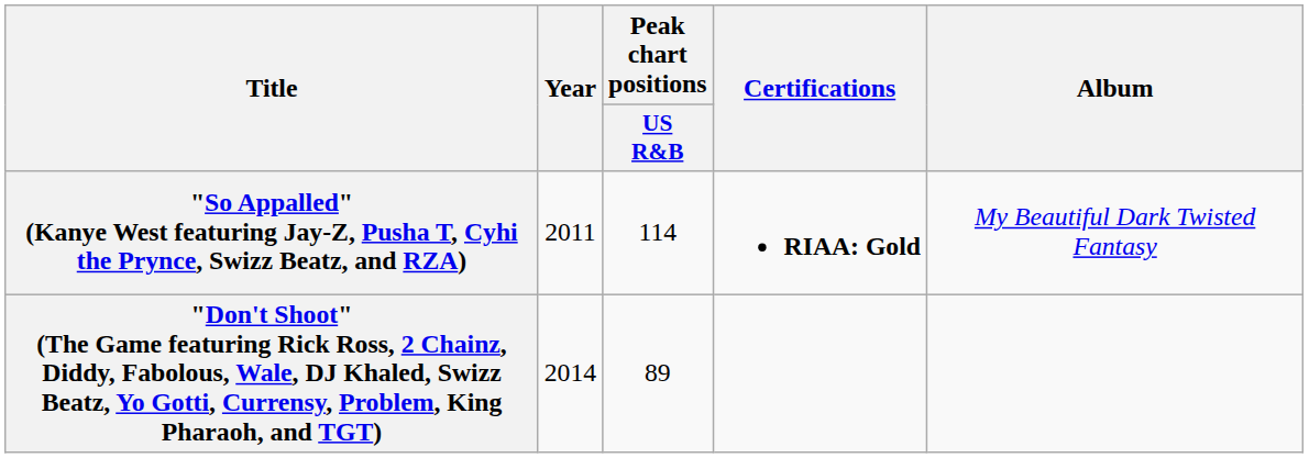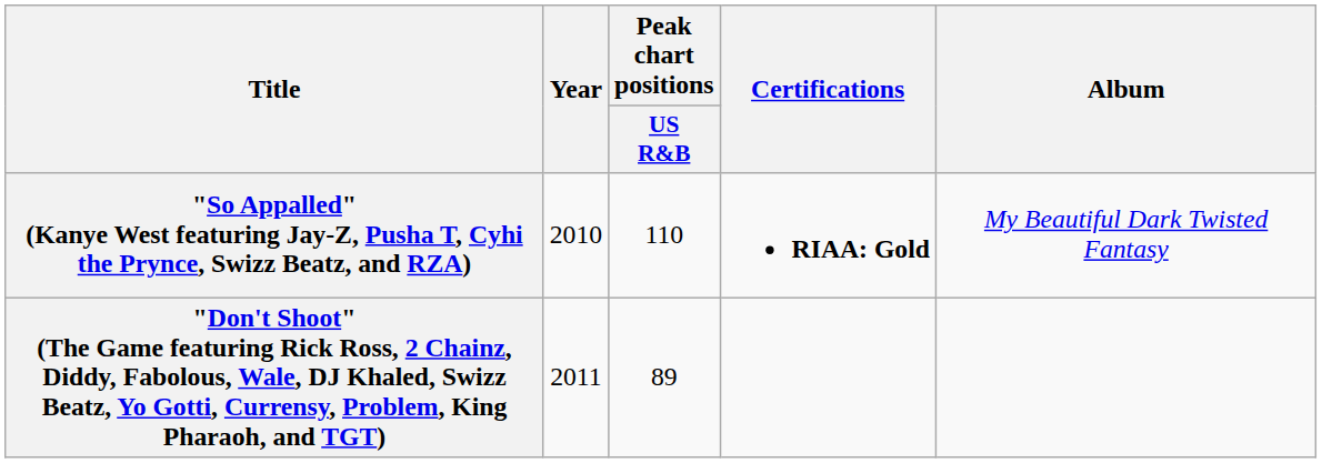 <table class="wikitable plainrowheaders" style="text-align:center;" border="1">
 <tr>
 <th scope="col" rowspan="2" style="width:20em;">Title</th>
 <th scope="col" rowspan="2" style="width:2em;">Year</th>
 <th scope="col" colspan="1">Peak chart positions</th>
 <th rowspan="2"><a href='#'>Certifications</a></th>
 <th rowspan="2" scope="col" style="width:14em;">Album</th>
 </tr>
 <tr>
 <th scope="col" style="width:3em;font-size:90%;"><a href='#'>US<br>R&B</a></th>
 </tr>
 <tr>
 <th scope="row">"<a href='#'>So Appalled</a>"<br><span>(Kanye West featuring Jay-Z, <a href='#'>Pusha T</a>, <a href='#'>Cyhi the Prynce</a>, Swizz Beatz, and <a href='#'>RZA</a>)</span></th>
-<td>2011</td>
-<td>114</td>
+<td>2010</td>
+<td>110</td>
 <td><strong><br><ul><li>RIAA: Gold</li></ul></strong></td>
 <td><em><a href='#'>My Beautiful Dark Twisted Fantasy</a></em></td>
 </tr>
 <tr>
 <th scope="row">"<a href='#'>Don't Shoot</a>"<br><span>(The Game featuring Rick Ross, <a href='#'>2 Chainz</a>, Diddy, Fabolous, <a href='#'>Wale</a>, DJ Khaled, Swizz Beatz, <a href='#'>Yo Gotti</a>, <a href='#'>Currensy</a>, <a href='#'>Problem</a>, King Pharaoh, and <a href='#'>TGT</a>)</span></th>
-<td>2014</td>
+<td>2011</td>
 <td>89</td>
 <td></td>
 <td></td>
 </tr>
 </table>
